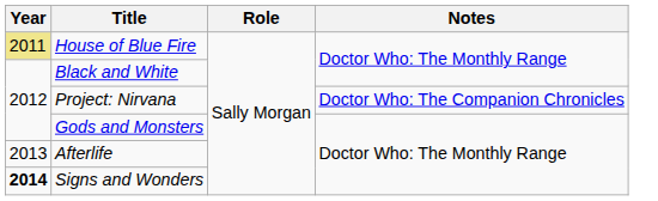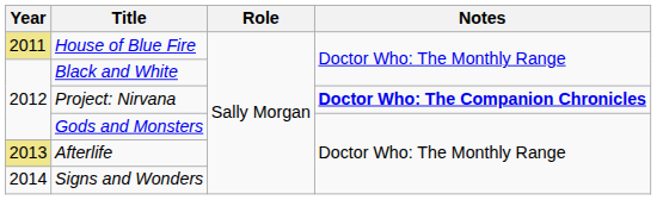 <table class="wikitable sortable">
 <tr>
 <th>Year</th>
 <th>Title</th>
 <th>Role</th>
 <th class="unsortable">Notes</th>
 </tr>
 <tr>
 <td style="background: khaki;">2011</td>
 <td><em><a href='#'>House of Blue Fire</a></em></td>
 <td rowspan="6">Sally Morgan</td>
 <td rowspan="2"><a href='#'>Doctor Who: The Monthly Range</a></td>
 </tr>
 <tr>
 <td rowspan="3">2012</td>
 <td><em><a href='#'>Black and White</a></em></td>
 </tr>
 <tr>
 <td><em>Project: Nirvana</em></td>
-<td><a href='#'>Doctor Who: The Companion Chronicles</a></td>
+<td><strong><a href='#'>Doctor Who: The Companion Chronicles</a></strong></td>
 </tr>
 <tr>
 <td><em><a href='#'>Gods and Monsters</a></em></td>
 <td rowspan="3">Doctor Who: The Monthly Range</td>
 </tr>
 <tr>
-<td>2013</td>
+<td style="background: khaki;">2013</td>
 <td><em>Afterlife</em></td>
 </tr>
 <tr>
-<td><strong>2014</strong></td>
+<td>2014</td>
 <td><em>Signs and Wonders</em></td>
 </tr>
 </table>
